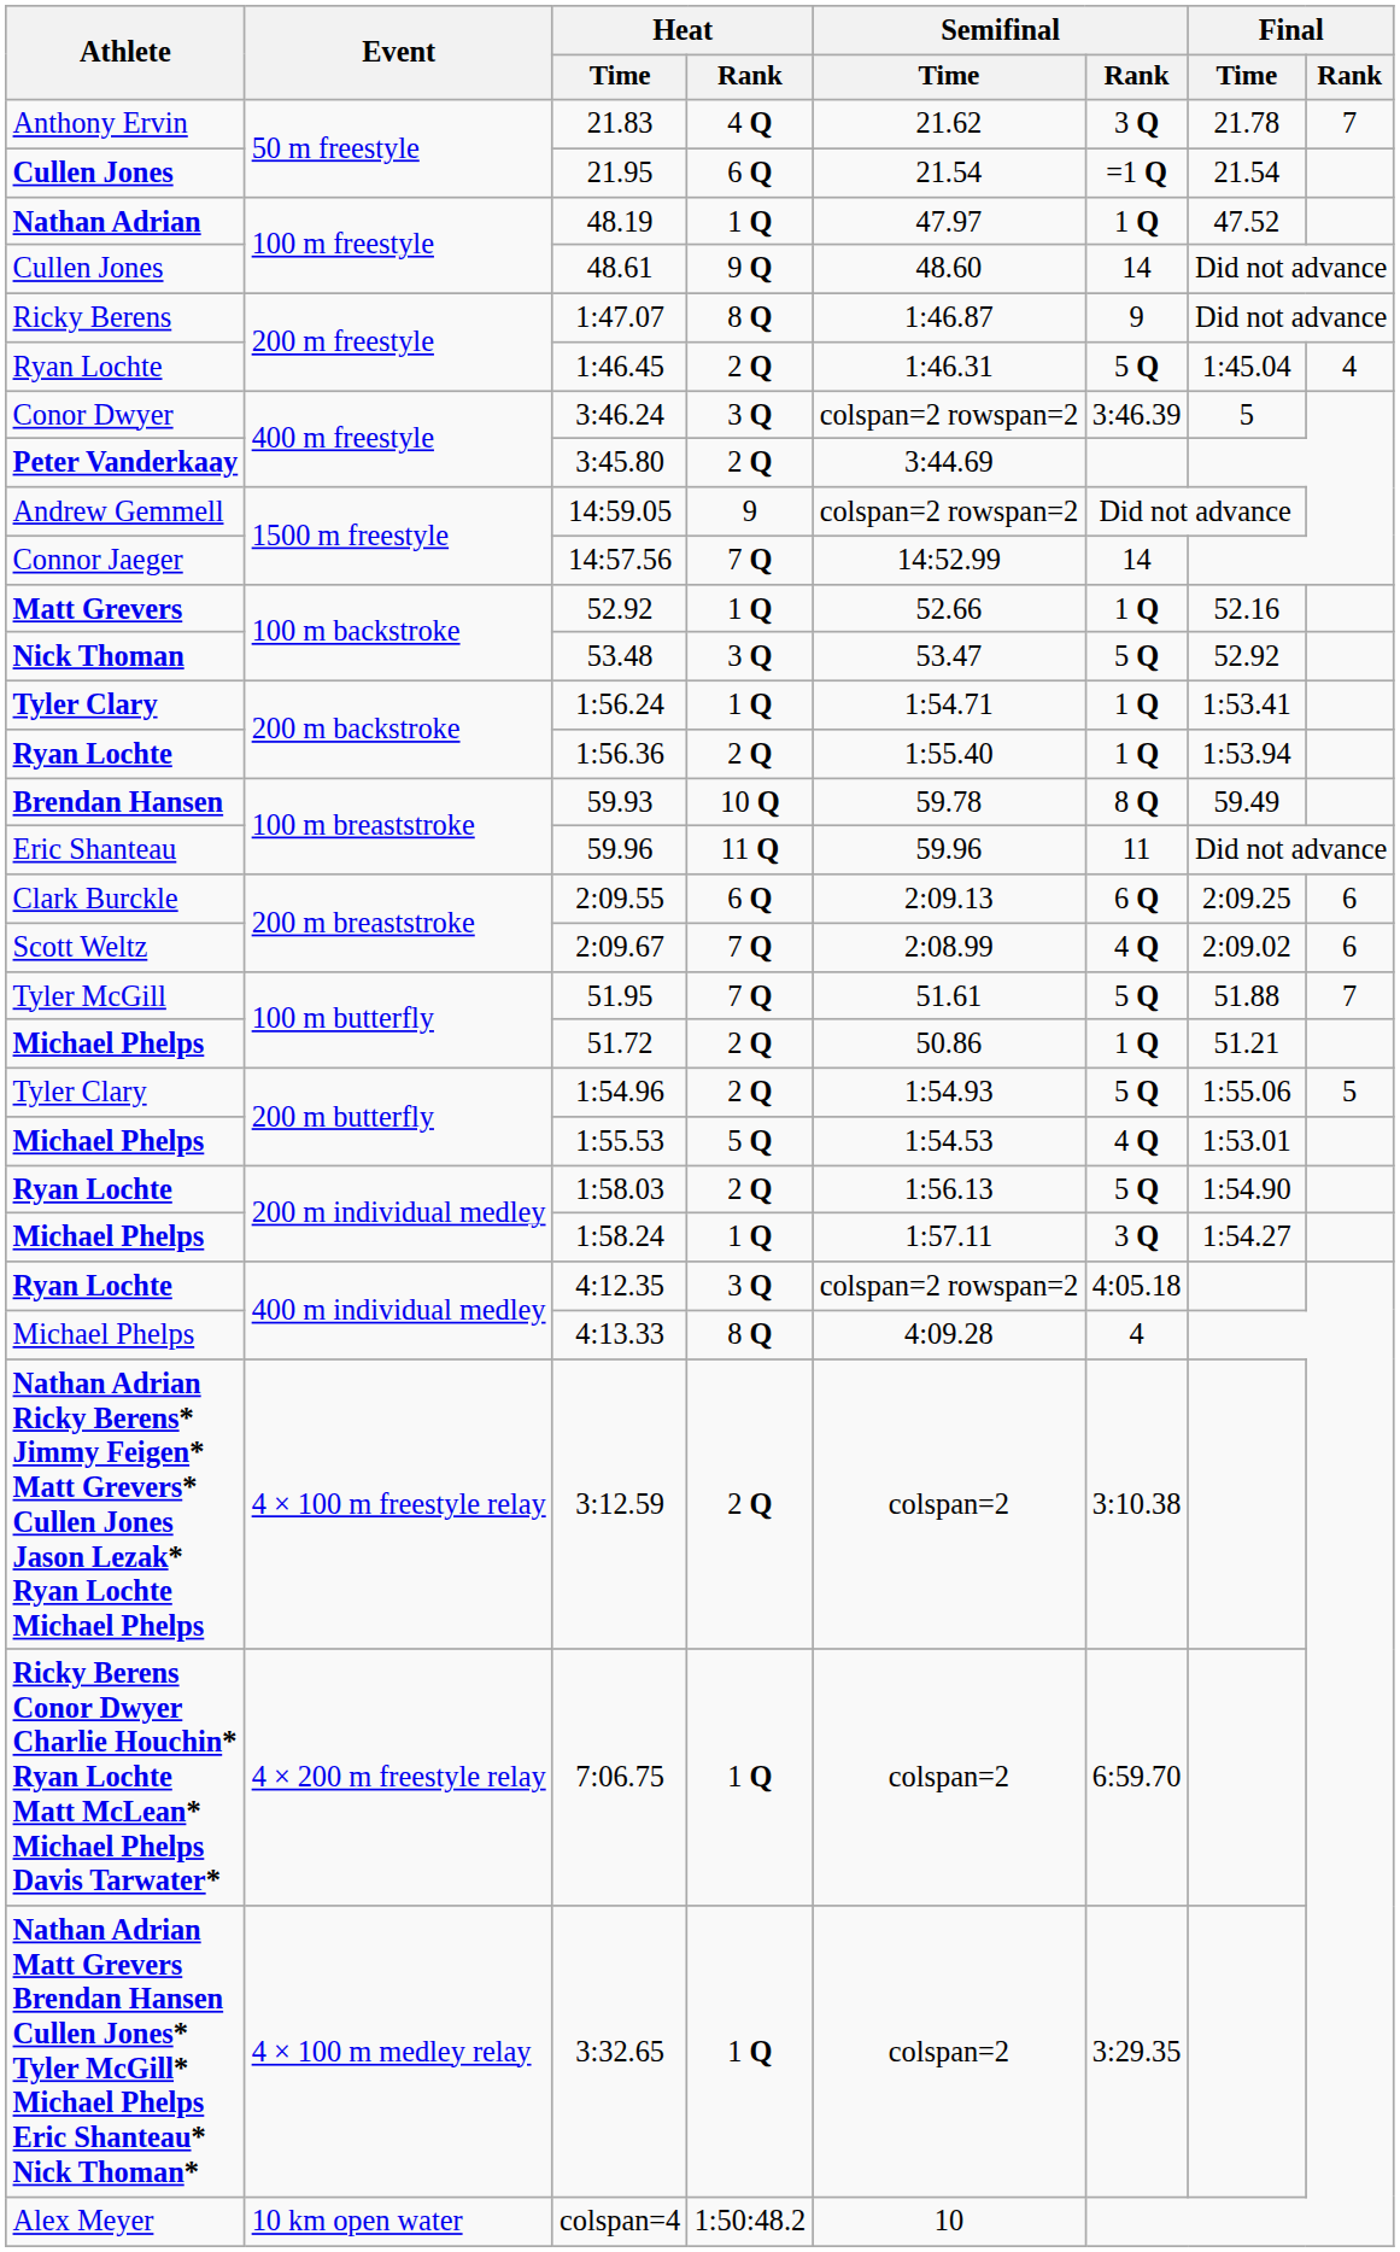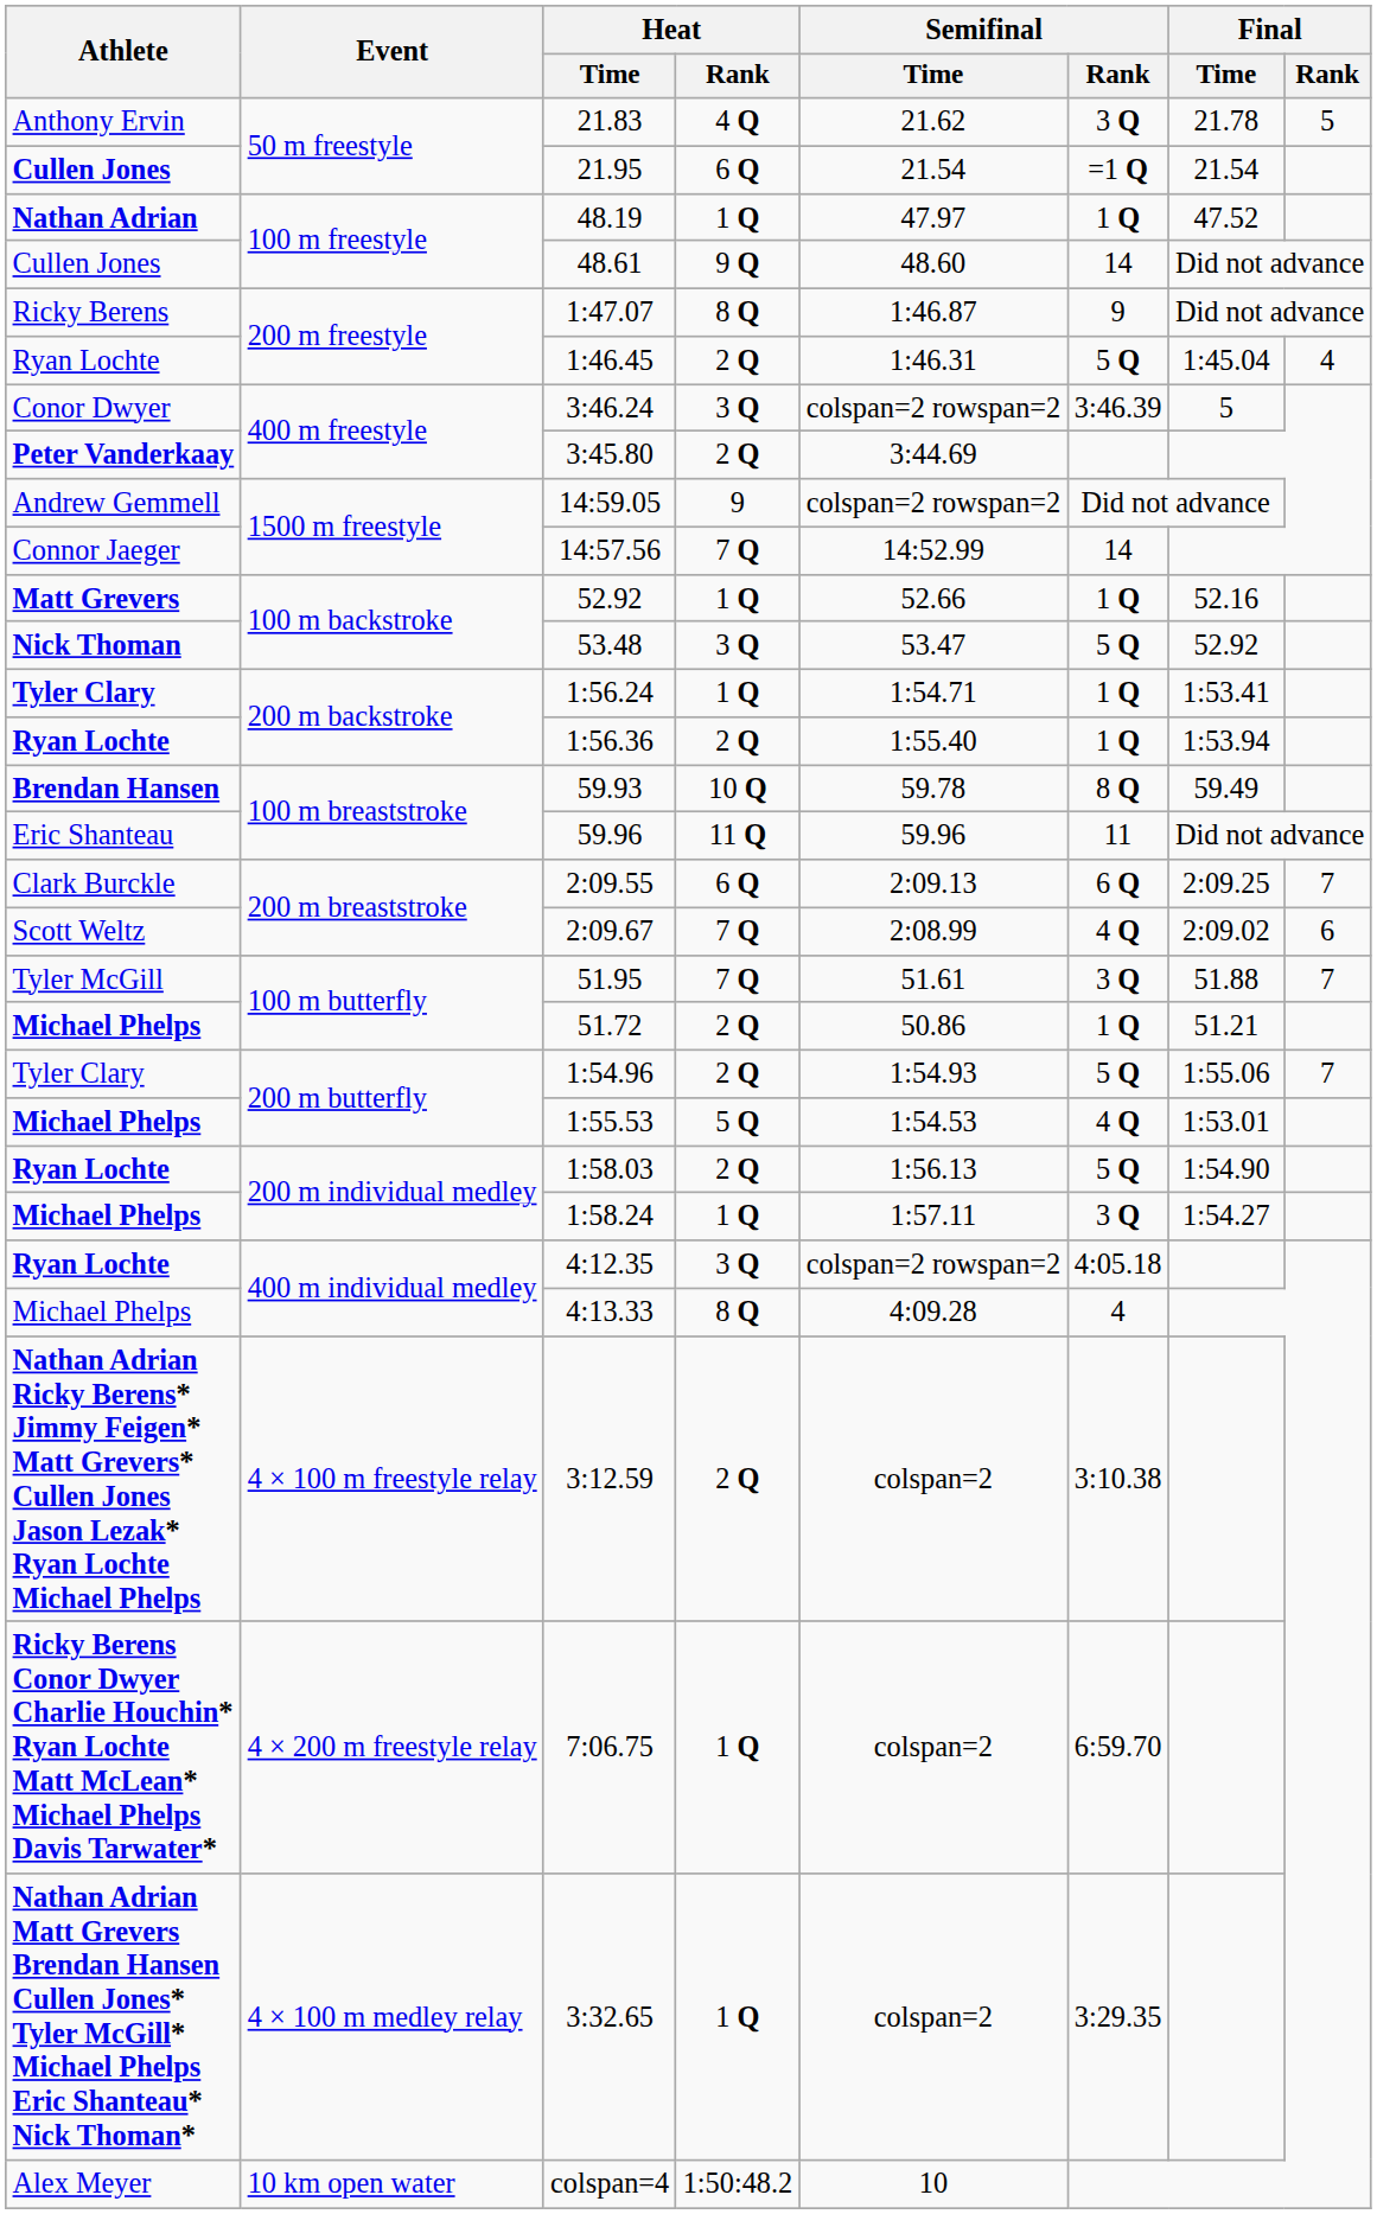 <table class=wikitable style=font-size:90%;text-align:center>
 <tr>
 <th rowspan=2>Athlete</th>
 <th rowspan=2>Event</th>
 <th colspan=2>Heat</th>
 <th colspan=2>Semifinal</th>
 <th colspan=2>Final</th>
 </tr>
 <tr style=font-size:95%>
 <th>Time</th>
 <th>Rank</th>
 <th>Time</th>
 <th>Rank</th>
 <th>Time</th>
 <th>Rank</th>
 </tr>
 <tr>
 <td align=left><a href='#'>Anthony Ervin</a></td>
 <td align=left rowspan=2><a href='#'>50 m freestyle</a></td>
 <td>21.83</td>
 <td>4 <strong>Q</strong></td>
 <td>21.62</td>
 <td>3 <strong>Q</strong></td>
 <td>21.78</td>
-<td>7</td>
+<td>5</td>
 </tr>
 <tr>
 <td align=left><strong><a href='#'>Cullen Jones</a></strong></td>
 <td>21.95</td>
 <td>6 <strong>Q</strong></td>
 <td>21.54</td>
 <td>=1 <strong>Q</strong></td>
 <td>21.54</td>
 <td></td>
 </tr>
 <tr>
 <td align=left><strong><a href='#'>Nathan Adrian</a></strong></td>
 <td align=left rowspan=2><a href='#'>100 m freestyle</a></td>
 <td>48.19</td>
 <td>1 <strong>Q</strong></td>
 <td>47.97</td>
 <td>1 <strong>Q</strong></td>
 <td>47.52</td>
 <td></td>
 </tr>
 <tr>
 <td align=left><a href='#'>Cullen Jones</a></td>
 <td>48.61</td>
 <td>9 <strong>Q</strong></td>
 <td>48.60</td>
 <td>14</td>
 <td colspan=2>Did not advance</td>
 </tr>
 <tr>
 <td align=left><a href='#'>Ricky Berens</a></td>
 <td align=left rowspan=2><a href='#'>200 m freestyle</a></td>
 <td>1:47.07</td>
 <td>8 <strong>Q</strong></td>
 <td>1:46.87</td>
 <td>9</td>
 <td colspan=2>Did not advance</td>
 </tr>
 <tr>
 <td align=left><a href='#'>Ryan Lochte</a></td>
 <td>1:46.45</td>
 <td>2 <strong>Q</strong></td>
 <td>1:46.31</td>
 <td>5 <strong>Q</strong></td>
 <td>1:45.04</td>
 <td>4</td>
 </tr>
 <tr>
 <td align=left><a href='#'>Conor Dwyer</a></td>
 <td align=left rowspan=2><a href='#'>400 m freestyle</a></td>
 <td>3:46.24</td>
 <td>3 <strong>Q</strong></td>
 <td>colspan=2 rowspan=2 </td>
 <td>3:46.39</td>
 <td>5</td>
 </tr>
 <tr>
 <td align=left><strong><a href='#'>Peter Vanderkaay</a></strong></td>
 <td>3:45.80</td>
 <td>2 <strong>Q</strong></td>
 <td>3:44.69</td>
 <td></td>
 </tr>
 <tr>
 <td align=left><a href='#'>Andrew Gemmell</a></td>
 <td align=left rowspan=2><a href='#'>1500 m freestyle</a></td>
 <td>14:59.05</td>
 <td>9</td>
 <td>colspan=2 rowspan=2 </td>
 <td colspan=2>Did not advance</td>
 </tr>
 <tr>
 <td align=left><a href='#'>Connor Jaeger</a></td>
 <td>14:57.56</td>
 <td>7 <strong>Q</strong></td>
 <td>14:52.99</td>
 <td>14</td>
 </tr>
 <tr>
 <td align=left><strong><a href='#'>Matt Grevers</a></strong></td>
 <td align=left rowspan=2><a href='#'>100 m backstroke</a></td>
 <td>52.92</td>
 <td>1 <strong>Q</strong></td>
 <td>52.66</td>
 <td>1 <strong>Q</strong></td>
 <td>52.16 </td>
 <td></td>
 </tr>
 <tr>
 <td align=left><strong><a href='#'>Nick Thoman</a></strong></td>
 <td>53.48</td>
 <td>3 <strong>Q</strong></td>
 <td>53.47</td>
 <td>5 <strong>Q</strong></td>
 <td>52.92</td>
 <td></td>
 </tr>
 <tr>
 <td align=left><strong><a href='#'>Tyler Clary</a></strong></td>
 <td align=left rowspan=2><a href='#'>200 m backstroke</a></td>
 <td>1:56.24</td>
 <td>1 <strong>Q</strong></td>
 <td>1:54.71</td>
 <td>1 <strong>Q</strong></td>
 <td>1:53.41 </td>
 <td></td>
 </tr>
 <tr>
 <td align=left><strong><a href='#'>Ryan Lochte</a></strong></td>
 <td>1:56.36</td>
 <td>2 <strong>Q</strong></td>
 <td>1:55.40</td>
 <td>1 <strong>Q</strong></td>
 <td>1:53.94</td>
 <td></td>
 </tr>
 <tr>
 <td align=left><strong><a href='#'>Brendan Hansen</a></strong></td>
 <td align=left rowspan=2><a href='#'>100 m breaststroke</a></td>
 <td>59.93</td>
 <td>10 <strong>Q</strong></td>
 <td>59.78</td>
 <td>8 <strong>Q</strong></td>
 <td>59.49</td>
 <td></td>
 </tr>
 <tr>
 <td align=left><a href='#'>Eric Shanteau</a></td>
 <td>59.96</td>
 <td>11 <strong>Q</strong></td>
 <td>59.96</td>
 <td>11</td>
 <td colspan=2>Did not advance</td>
 </tr>
 <tr>
 <td align=left><a href='#'>Clark Burckle</a></td>
 <td align=left rowspan=2><a href='#'>200 m breaststroke</a></td>
 <td>2:09.55</td>
 <td>6 <strong>Q</strong></td>
 <td>2:09.13</td>
 <td>6 <strong>Q</strong></td>
 <td>2:09.25</td>
-<td>6</td>
+<td>7</td>
 </tr>
 <tr>
 <td align=left><a href='#'>Scott Weltz</a></td>
 <td>2:09.67</td>
 <td>7 <strong>Q</strong></td>
 <td>2:08.99</td>
 <td>4 <strong>Q</strong></td>
 <td>2:09.02</td>
 <td>6</td>
 </tr>
 <tr>
 <td align=left><a href='#'>Tyler McGill</a></td>
 <td align=left rowspan=2><a href='#'>100 m butterfly</a></td>
 <td>51.95</td>
 <td>7 <strong>Q</strong></td>
 <td>51.61</td>
-<td>5 <strong>Q</strong></td>
+<td>3 <strong>Q</strong></td>
 <td>51.88</td>
 <td>7</td>
 </tr>
 <tr>
 <td align=left><strong><a href='#'>Michael Phelps</a></strong></td>
 <td>51.72</td>
 <td>2 <strong>Q</strong></td>
 <td>50.86</td>
 <td>1 <strong>Q</strong></td>
 <td>51.21</td>
 <td></td>
 </tr>
 <tr>
 <td align=left><a href='#'>Tyler Clary</a></td>
 <td align=left rowspan=2><a href='#'>200 m butterfly</a></td>
 <td>1:54.96</td>
 <td>2 <strong>Q</strong></td>
 <td>1:54.93</td>
 <td>5 <strong>Q</strong></td>
 <td>1:55.06</td>
-<td>5</td>
+<td>7</td>
 </tr>
 <tr>
 <td align=left><strong><a href='#'>Michael Phelps</a></strong></td>
 <td>1:55.53</td>
 <td>5 <strong>Q</strong></td>
 <td>1:54.53</td>
 <td>4 <strong>Q</strong></td>
 <td>1:53.01</td>
 <td></td>
 </tr>
 <tr>
 <td align=left><strong><a href='#'>Ryan Lochte</a></strong></td>
 <td align=left rowspan=2><a href='#'>200 m individual medley</a></td>
 <td>1:58.03</td>
 <td>2 <strong>Q</strong></td>
 <td>1:56.13</td>
 <td>5 <strong>Q</strong></td>
 <td>1:54.90</td>
 <td></td>
 </tr>
 <tr>
 <td align=left><strong><a href='#'>Michael Phelps</a></strong></td>
 <td>1:58.24</td>
 <td>1 <strong>Q</strong></td>
 <td>1:57.11</td>
 <td>3 <strong>Q</strong></td>
 <td>1:54.27</td>
 <td></td>
 </tr>
 <tr>
 <td align=left><strong><a href='#'>Ryan Lochte</a></strong></td>
 <td align=left rowspan=2><a href='#'>400 m individual medley</a></td>
 <td>4:12.35</td>
 <td>3 <strong>Q</strong></td>
 <td>colspan=2 rowspan=2 </td>
 <td>4:05.18</td>
 <td></td>
 </tr>
 <tr>
 <td align=left><a href='#'>Michael Phelps</a></td>
 <td>4:13.33</td>
 <td>8 <strong>Q</strong></td>
 <td>4:09.28</td>
 <td>4</td>
 </tr>
 <tr>
 <td align=left><strong><a href='#'>Nathan Adrian</a><br><a href='#'>Ricky Berens</a>*<br><a href='#'>Jimmy Feigen</a>*<br><a href='#'>Matt Grevers</a>*<br><a href='#'>Cullen Jones</a><br><a href='#'>Jason Lezak</a>*<br><a href='#'>Ryan Lochte</a><br><a href='#'>Michael Phelps</a></strong></td>
 <td align=left><a href='#'>4 × 100 m freestyle relay</a></td>
 <td>3:12.59</td>
 <td>2 <strong>Q</strong></td>
 <td>colspan=2 </td>
 <td>3:10.38</td>
 <td></td>
 </tr>
 <tr>
 <td align=left><strong><a href='#'>Ricky Berens</a><br><a href='#'>Conor Dwyer</a><br><a href='#'>Charlie Houchin</a>*<br><a href='#'>Ryan Lochte</a><br><a href='#'>Matt McLean</a>*<br><a href='#'>Michael Phelps</a><br><a href='#'>Davis Tarwater</a>*</strong></td>
 <td align=left><a href='#'>4 × 200 m freestyle relay</a></td>
 <td>7:06.75</td>
 <td>1 <strong>Q</strong></td>
 <td>colspan=2 </td>
 <td>6:59.70</td>
 <td></td>
 </tr>
 <tr>
 <td align=left><strong><a href='#'>Nathan Adrian</a><br><a href='#'>Matt Grevers</a><br><a href='#'>Brendan Hansen</a><br><a href='#'>Cullen Jones</a>*<br><a href='#'>Tyler McGill</a>*<br><a href='#'>Michael Phelps</a><br><a href='#'>Eric Shanteau</a>*<br><a href='#'>Nick Thoman</a>*</strong></td>
 <td align=left><a href='#'>4 × 100 m medley relay</a></td>
 <td>3:32.65</td>
 <td>1 <strong>Q</strong></td>
 <td>colspan=2 </td>
 <td>3:29.35</td>
 <td></td>
 </tr>
 <tr>
 <td align=left><a href='#'>Alex Meyer</a></td>
 <td align=left><a href='#'>10 km open water</a></td>
 <td>colspan=4 </td>
 <td>1:50:48.2</td>
 <td>10</td>
 </tr>
 </table>
